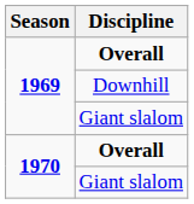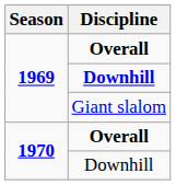 <table class=wikitable style="text-align:center">
 <tr>
 <th>Season</th>
 <th>Discipline</th>
 </tr>
 <tr>
 <td rowspan=3><strong><a href='#'>1969</a></strong></td>
 <td><strong>Overall</strong></td>
 </tr>
 <tr>
-<td><a href='#'>Downhill</a></td>
+<td><strong><a href='#'>Downhill</a></strong></td>
 </tr>
 <tr>
 <td><a href='#'>Giant slalom</a></td>
 </tr>
 <tr>
 <td rowspan=2><strong><a href='#'>1970</a></strong></td>
 <td><strong>Overall</strong></td>
 </tr>
 <tr>
-<td><a href='#'>Giant slalom</a></td>
+<td>Downhill</td>
 </tr>
 </table>
